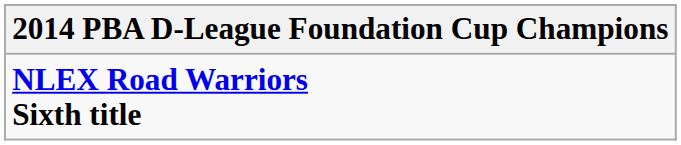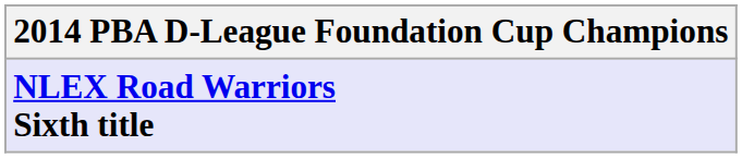 <table class="wikitable" "text-align:center" "margin-left: auto; margin-right: auto; border: none;">
 <tr>
 <th>2014 PBA D-League Foundation Cup Champions</th>
 </tr>
 <tr>
-<td><strong><a href='#'>NLEX Road Warriors</a></strong><br> <strong>Sixth title</strong></td>
+<td style="background: lavender;"><strong><a href='#'>NLEX Road Warriors</a></strong><br> <strong>Sixth title</strong></td>
 </tr>
 </table>
